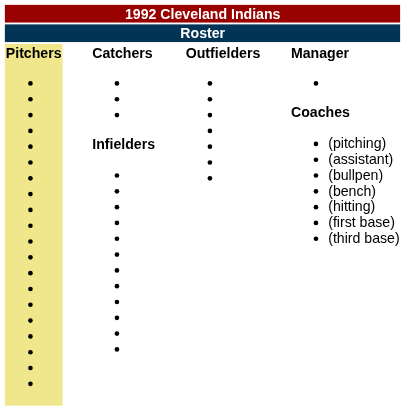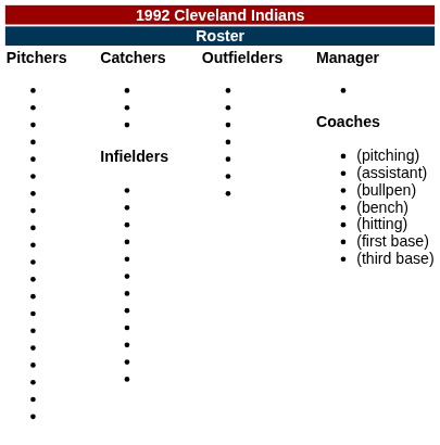 <table class="toccolours" style="font-size: 95%;">
 <tr>
 <th colspan="10" style="background-color: #990000; color: white; text-align: center;">1992 Cleveland Indians</th>
 </tr>
 <tr>
 <td colspan="10" style="background-color: #023456; color: #FFFFFF; text-align: center;"><strong>Roster</strong></td>
 </tr>
 <tr>
-<td valign="top" style="background: khaki;"><strong>Pitchers</strong><br><ul><li></li><li></li><li></li><li></li><li></li><li></li><li></li><li></li><li></li><li></li><li></li><li></li><li></li><li></li><li></li><li></li><li></li><li></li><li></li><li></li></ul></td>
+<td valign="top"><strong>Pitchers</strong><br><ul><li></li><li></li><li></li><li></li><li></li><li></li><li></li><li></li><li></li><li></li><li></li><li></li><li></li><li></li><li></li><li></li><li></li><li></li><li></li><li></li></ul></td>
 <td width="25px"></td>
 <td valign="top"><strong>Catchers</strong><br><ul><li></li><li></li><li></li></ul><strong>Infielders</strong><ul><li></li><li></li><li></li><li></li><li></li><li></li><li></li><li></li><li></li><li></li><li></li><li></li></ul></td>
 <td width="25px"></td>
 <td valign="top"><strong>Outfielders</strong><br><ul><li></li><li></li><li></li><li></li><li></li><li></li><li></li></ul></td>
 <td width="25px"></td>
 <td valign="top"><strong>Manager</strong><br><ul><li></li></ul><strong>Coaches</strong><ul><li> (pitching)</li><li> (assistant)</li><li> (bullpen)</li><li> (bench)</li><li> (hitting)</li><li> (first base)</li><li> (third base)</li></ul></td>
 </tr>
 </table>
